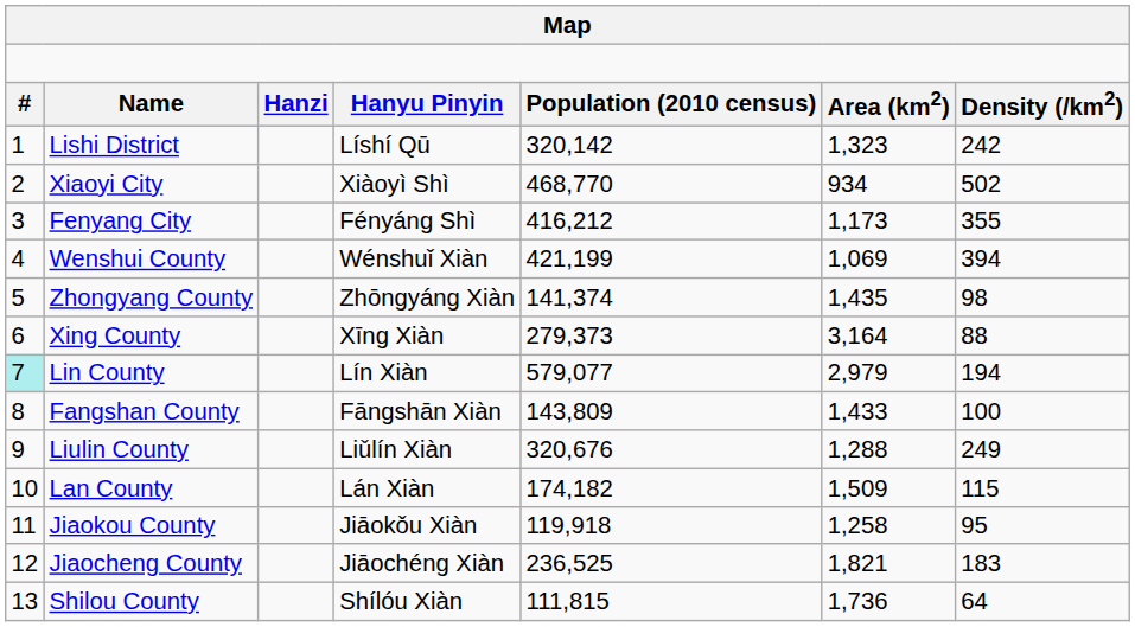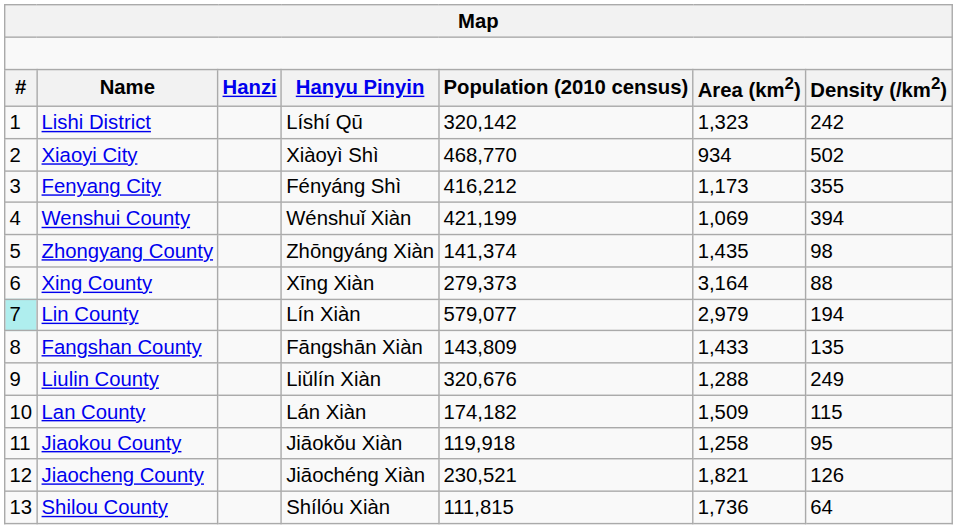 <table class="wikitable"  style="font-size:90%;" align=center>
 <tr>
 <th colspan="7" align="center">Map</th>
 </tr>
 <tr>
 <td colspan="7" align="center"><div><br>                </div></td>
 </tr>
 <tr ->
 <th>#</th>
 <th>Name</th>
 <th><a href='#'>Hanzi</a></th>
 <th><a href='#'>Hanyu Pinyin</a></th>
 <th>Population (2010 census)</th>
 <th>Area (km<sup>2</sup>)</th>
 <th>Density (/km<sup>2</sup>)</th>
 </tr>
 <tr --------->
 <td>1</td>
 <td><a href='#'>Lishi District</a></td>
 <td></td>
 <td>Líshí Qū</td>
 <td>320,142</td>
 <td>1,323</td>
 <td>242</td>
 </tr>
 <tr --------->
 <td>2</td>
 <td><a href='#'>Xiaoyi City</a></td>
 <td></td>
 <td>Xiàoyì Shì</td>
 <td>468,770</td>
 <td>934</td>
 <td>502</td>
 </tr>
 <tr --------->
 <td>3</td>
 <td><a href='#'>Fenyang City</a></td>
 <td></td>
 <td>Fényáng Shì</td>
 <td>416,212</td>
 <td>1,173</td>
 <td>355</td>
 </tr>
 <tr --------->
 <td>4</td>
 <td><a href='#'>Wenshui County</a></td>
 <td></td>
 <td>Wénshuǐ Xiàn</td>
 <td>421,199</td>
 <td>1,069</td>
 <td>394</td>
 </tr>
 <tr --------->
 <td>5</td>
 <td><a href='#'>Zhongyang County</a></td>
 <td></td>
 <td>Zhōngyáng Xiàn</td>
 <td>141,374</td>
 <td>1,435</td>
 <td>98</td>
 </tr>
 <tr --------->
 <td>6</td>
 <td><a href='#'>Xing County</a></td>
 <td></td>
 <td>Xīng Xiàn</td>
 <td>279,373</td>
 <td>3,164</td>
 <td>88</td>
 </tr>
 <tr --------->
 <td style="background: paleturquoise;">7</td>
 <td><a href='#'>Lin County</a></td>
 <td></td>
 <td>Lín Xiàn</td>
 <td>579,077</td>
 <td>2,979</td>
 <td>194</td>
 </tr>
 <tr --------->
 <td>8</td>
 <td><a href='#'>Fangshan County</a></td>
 <td></td>
 <td>Fāngshān Xiàn</td>
 <td>143,809</td>
 <td>1,433</td>
-<td>100</td>
+<td>135</td>
 </tr>
 <tr --------->
 <td>9</td>
 <td><a href='#'>Liulin County</a></td>
 <td></td>
 <td>Liǔlín Xiàn</td>
 <td>320,676</td>
 <td>1,288</td>
 <td>249</td>
 </tr>
 <tr --------->
 <td>10</td>
 <td><a href='#'>Lan County</a></td>
 <td></td>
 <td>Lán Xiàn</td>
 <td>174,182</td>
 <td>1,509</td>
 <td>115</td>
 </tr>
 <tr --------->
 <td>11</td>
 <td><a href='#'>Jiaokou County</a></td>
 <td></td>
 <td>Jiāokǒu Xiàn</td>
 <td>119,918</td>
 <td>1,258</td>
 <td>95</td>
 </tr>
 <tr --------->
 <td>12</td>
 <td><a href='#'>Jiaocheng County</a></td>
 <td></td>
 <td>Jiāochéng Xiàn</td>
-<td>236,525</td>
+<td>230,521</td>
 <td>1,821</td>
-<td>183</td>
+<td>126</td>
 </tr>
 <tr --------->
 <td>13</td>
 <td><a href='#'>Shilou County</a></td>
 <td></td>
 <td>Shílóu Xiàn</td>
 <td>111,815</td>
 <td>1,736</td>
 <td>64</td>
 </tr>
 </table>
